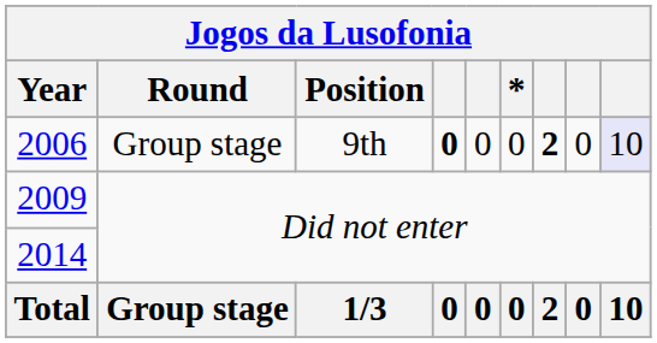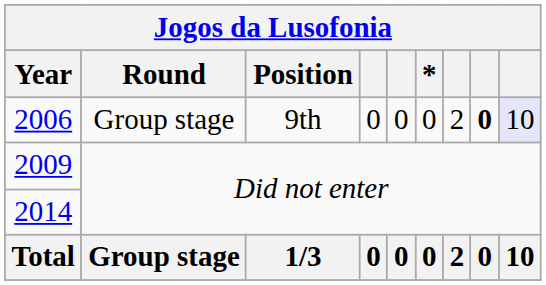 <table class="wikitable" style="text-align: center;">
 <tr>
 <th colspan=9><a href='#'>Jogos da Lusofonia</a></th>
 </tr>
 <tr>
 <th>Year</th>
 <th>Round</th>
 <th>Position</th>
 <th></th>
 <th></th>
 <th>*</th>
 <th></th>
 <th></th>
 <th></th>
 </tr>
 <tr>
 <td> <a href='#'>2006</a></td>
 <td>Group stage</td>
 <td>9th</td>
-<td><strong>0</strong></td>
 <td>0</td>
 <td>0</td>
-<td><strong>2</strong></td>
 <td>0</td>
+<td>2</td>
+<td><strong>0</strong></td>
 <td style="background: lavender;">10</td>
 </tr>
 <tr>
 <td> <a href='#'>2009</a></td>
 <td rowspan=2 colspan=8><em>Did not enter</em></td>
 </tr>
 <tr>
 <td> <a href='#'>2014</a></td>
 </tr>
 <tr>
 <th><strong>Total</strong></th>
 <th>Group stage</th>
 <th>1/3</th>
 <th>0</th>
 <th>0</th>
 <th>0</th>
 <th>2</th>
 <th>0</th>
 <th>10</th>
 </tr>
 </table>
